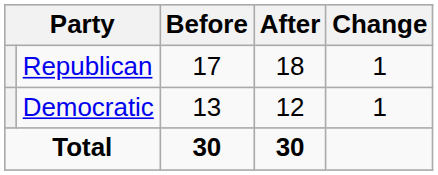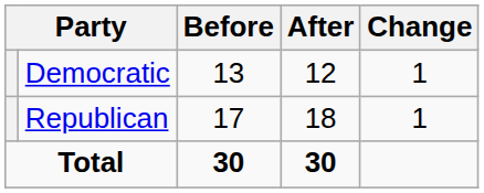 <table class="wikitable" style="text-align:center;">
 <tr>
 <th colspan="2">Party</th>
 <th>Before</th>
 <th>After</th>
 <th>Change</th>
 </tr>
 <tr>
 <th style="background-color:"></th>
-<td style="text-align:left;"><a href='#'>Republican</a></td>
-<td>17</td>
-<td>18</td>
+<td style="text-align:left;"><a href='#'>Democratic</a></td>
+<td>13</td>
+<td>12</td>
 <td> 1</td>
 </tr>
 <tr>
 <th style="background-color:"></th>
-<td style="text-align:left;"><a href='#'>Democratic</a></td>
-<td>13</td>
-<td>12</td>
+<td style="text-align:left;"><a href='#'>Republican</a></td>
+<td>17</td>
+<td>18</td>
 <td> 1</td>
 </tr>
 <tr>
 <td colspan="2"><strong>Total</strong></td>
 <td><strong>30</strong></td>
 <td><strong>30</strong></td>
 <td></td>
 </tr>
 </table>
